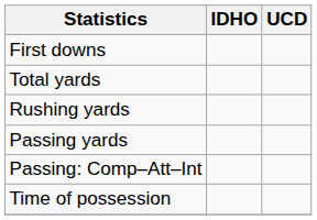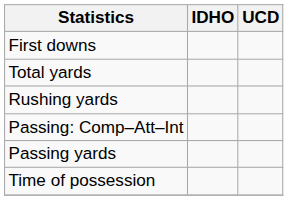 <table class="wikitable" style="float: left;">
 <tr>
 <th>Statistics</th>
 <th>IDHO</th>
 <th>UCD</th>
 </tr>
 <tr>
 <td>First downs</td>
 <td></td>
 <td></td>
 </tr>
 <tr>
 <td>Total yards</td>
 <td></td>
 <td></td>
 </tr>
 <tr>
 <td>Rushing yards</td>
 <td></td>
 <td></td>
 </tr>
 <tr>
-<td>Passing yards</td>
+<td>Passing: Comp–Att–Int</td>
 <td></td>
 <td></td>
 </tr>
 <tr>
-<td>Passing: Comp–Att–Int</td>
+<td>Passing yards</td>
 <td></td>
 <td></td>
 </tr>
 <tr>
 <td>Time of possession</td>
 <td></td>
 <td></td>
 </tr>
 <tr>
 </tr>
 </table>
